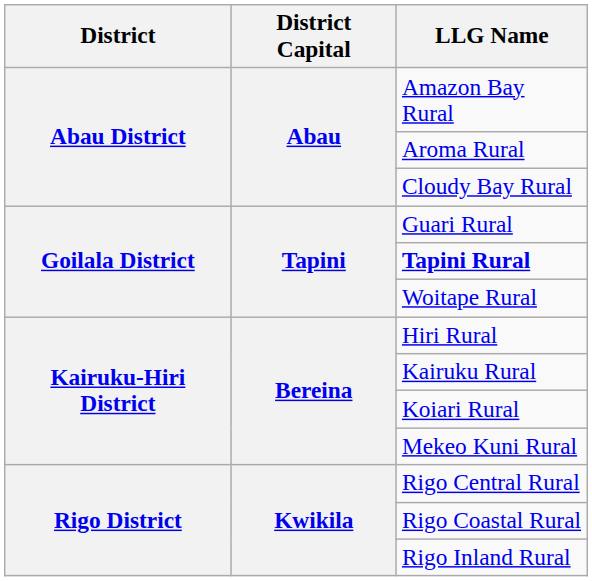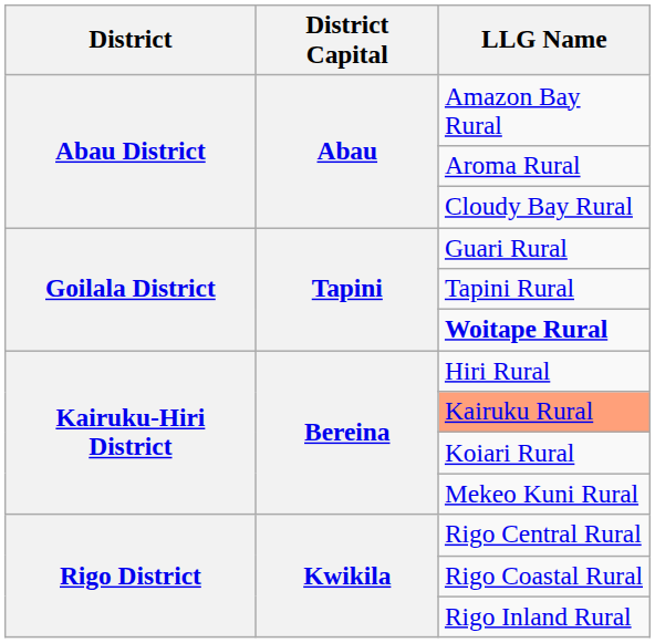 <table class="wikitable" style="text-align: left;" width="400">
 <tr>
 <th>District</th>
 <th>District Capital</th>
 <th>LLG Name</th>
 </tr>
 <tr>
 <th rowspan="3"><a href='#'>Abau District</a></th>
 <th rowspan="3"><a href='#'>Abau</a></th>
 <td><a href='#'>Amazon Bay Rural</a></td>
 </tr>
 <tr>
 <td><a href='#'>Aroma Rural</a></td>
 </tr>
 <tr>
 <td><a href='#'>Cloudy Bay Rural</a></td>
 </tr>
 <tr>
 <th rowspan="3"><a href='#'>Goilala District</a></th>
 <th rowspan="3"><a href='#'>Tapini</a></th>
 <td><a href='#'>Guari Rural</a></td>
 </tr>
 <tr>
-<td><strong><a href='#'>Tapini Rural</a></strong></td>
+<td><a href='#'>Tapini Rural</a></td>
 </tr>
 <tr>
-<td><a href='#'>Woitape Rural</a></td>
+<td><strong><a href='#'>Woitape Rural</a></strong></td>
 </tr>
 <tr>
 <th rowspan="4"><a href='#'>Kairuku-Hiri District</a></th>
 <th rowspan="4"><a href='#'>Bereina</a></th>
 <td><a href='#'>Hiri Rural</a></td>
 </tr>
 <tr>
-<td><a href='#'>Kairuku Rural</a></td>
+<td style="background: lightsalmon;"><a href='#'>Kairuku Rural</a></td>
 </tr>
 <tr>
 <td><a href='#'>Koiari Rural</a></td>
 </tr>
 <tr>
 <td><a href='#'>Mekeo Kuni Rural</a></td>
 </tr>
 <tr>
 <th rowspan="3"><a href='#'>Rigo District</a></th>
 <th rowspan="3"><a href='#'>Kwikila</a></th>
 <td><a href='#'>Rigo Central Rural</a></td>
 </tr>
 <tr>
 <td><a href='#'>Rigo Coastal Rural</a></td>
 </tr>
 <tr>
 <td><a href='#'>Rigo Inland Rural</a></td>
 </tr>
 </table>
